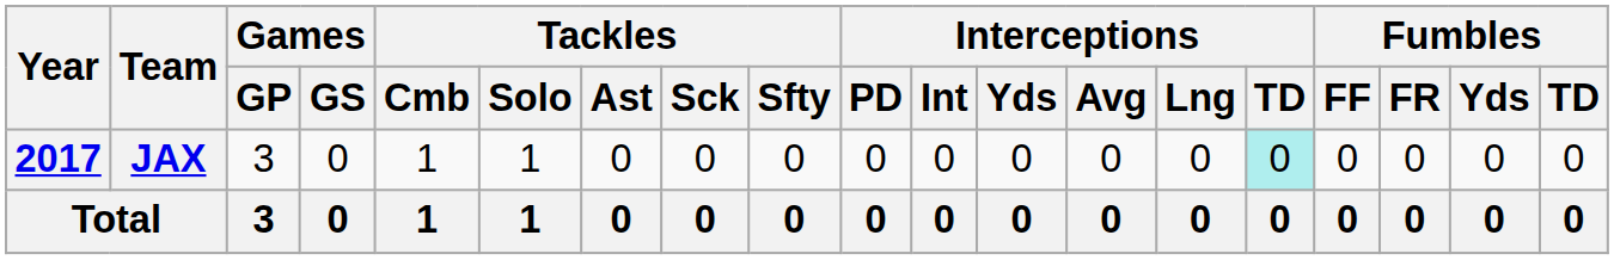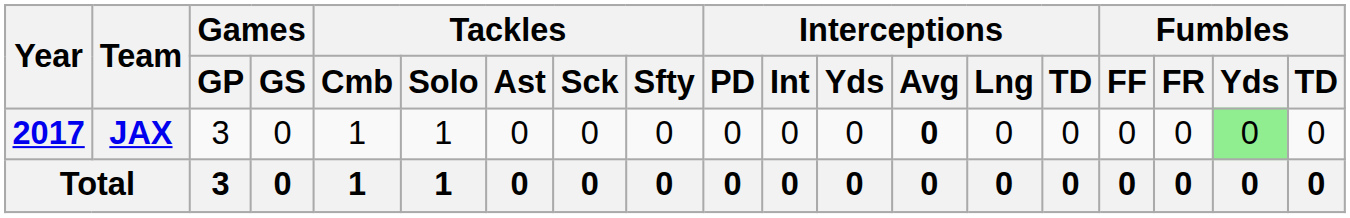 <table class=wikitable style="text-align:center;">
 <tr>
 <th rowspan="2">Year</th>
 <th rowspan="2">Team</th>
 <th colspan="2">Games</th>
 <th colspan="5">Tackles</th>
 <th colspan="6">Interceptions</th>
 <th colspan="4">Fumbles</th>
 </tr>
 <tr>
 <th>GP</th>
 <th>GS</th>
 <th>Cmb</th>
 <th>Solo</th>
 <th>Ast</th>
 <th>Sck</th>
 <th>Sfty</th>
 <th>PD</th>
 <th>Int</th>
 <th>Yds</th>
 <th>Avg</th>
 <th>Lng</th>
 <th>TD</th>
 <th>FF</th>
 <th>FR</th>
 <th>Yds</th>
 <th>TD</th>
 </tr>
 <tr>
 <th><a href='#'>2017</a></th>
 <th><a href='#'>JAX</a></th>
 <td>3</td>
 <td>0</td>
 <td>1</td>
 <td>1</td>
 <td>0</td>
 <td>0</td>
 <td>0</td>
 <td>0</td>
 <td>0</td>
 <td>0</td>
-<td>0</td>
-<td>0</td>
-<td style="background: paleturquoise;">0</td>
+<td><strong>0</strong></td>
 <td>0</td>
 <td>0</td>
 <td>0</td>
+<td>0</td>
+<td style="background: lightgreen;">0</td>
 <td>0</td>
 </tr>
 <tr>
 <th colspan="2">Total</th>
 <th>3</th>
 <th>0</th>
 <th>1</th>
 <th>1</th>
 <th>0</th>
 <th>0</th>
 <th>0</th>
 <th>0</th>
 <th>0</th>
 <th>0</th>
 <th>0</th>
 <th>0</th>
 <th>0</th>
 <th>0</th>
 <th>0</th>
 <th>0</th>
 <th>0</th>
 </tr>
 </table>
